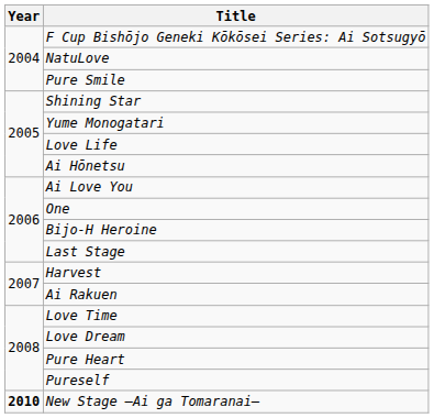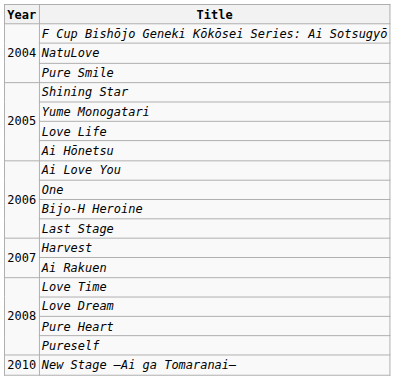 <table class="wikitable">
 <tr>
 <th>Year</th>
 <th>Title</th>
 </tr>
 <tr>
 <td rowspan="3">2004</td>
 <td><em>F Cup Bishōjo Geneki Kōkōsei Series: Ai Sotsugyō</em></td>
 </tr>
 <tr>
 <td><em>NatuLove</em></td>
 </tr>
 <tr>
 <td><em>Pure Smile</em></td>
 </tr>
 <tr>
 <td rowspan="4">2005</td>
 <td><em>Shining Star</em></td>
 </tr>
 <tr>
 <td><em>Yume Monogatari</em></td>
 </tr>
 <tr>
 <td><em>Love Life</em></td>
 </tr>
 <tr>
 <td><em>Ai Hōnetsu</em></td>
 </tr>
 <tr>
 <td rowspan="4">2006</td>
 <td><em>Ai Love You</em></td>
 </tr>
 <tr>
 <td><em>One</em></td>
 </tr>
 <tr>
 <td><em>Bijo-H Heroine</em></td>
 </tr>
 <tr>
 <td><em>Last Stage</em></td>
 </tr>
 <tr>
 <td rowspan="2">2007</td>
 <td><em>Harvest</em></td>
 </tr>
 <tr>
 <td><em>Ai Rakuen</em></td>
 </tr>
 <tr>
 <td rowspan="4">2008</td>
 <td><em>Love Time</em></td>
 </tr>
 <tr>
 <td><em>Love Dream</em></td>
 </tr>
 <tr>
 <td><em>Pure Heart</em></td>
 </tr>
 <tr>
 <td><em>Pureself</em></td>
 </tr>
 <tr>
-<td><strong>2010</strong></td>
+<td>2010</td>
 <td><em>New Stage –Ai ga Tomaranai–</em></td>
 </tr>
 </table>
